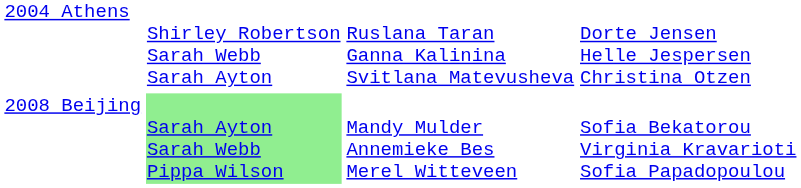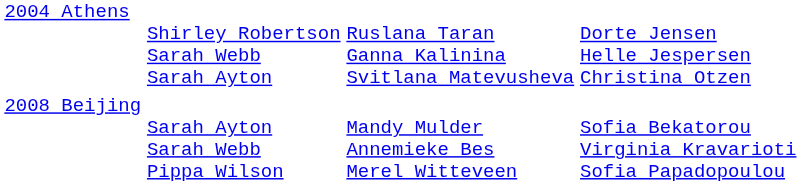 <table>
 <tr valign="top">
 <td><a href='#'>2004 Athens</a> <br></td>
 <td><br><a href='#'>Shirley Robertson</a><br><a href='#'>Sarah Webb</a><br><a href='#'>Sarah Ayton</a></td>
 <td><br><a href='#'>Ruslana Taran</a><br><a href='#'>Ganna Kalinina</a><br><a href='#'>Svitlana Matevusheva</a></td>
 <td><br><a href='#'>Dorte Jensen</a><br><a href='#'>Helle Jespersen</a><br><a href='#'>Christina Otzen</a></td>
 </tr>
 <tr valign="top">
 <td><a href='#'>2008 Beijing</a> <br></td>
-<td style="background: lightgreen;"><br><a href='#'>Sarah Ayton</a><br><a href='#'>Sarah Webb</a><br><a href='#'>Pippa Wilson</a></td>
+<td><br><a href='#'>Sarah Ayton</a><br><a href='#'>Sarah Webb</a><br><a href='#'>Pippa Wilson</a></td>
 <td><br><a href='#'>Mandy Mulder</a><br><a href='#'>Annemieke Bes</a><br><a href='#'>Merel Witteveen</a></td>
 <td><br><a href='#'>Sofia Bekatorou</a><br><a href='#'>Virginia Kravarioti</a><br><a href='#'>Sofia Papadopoulou</a></td>
 </tr>
 </table>
